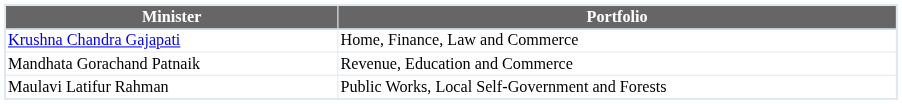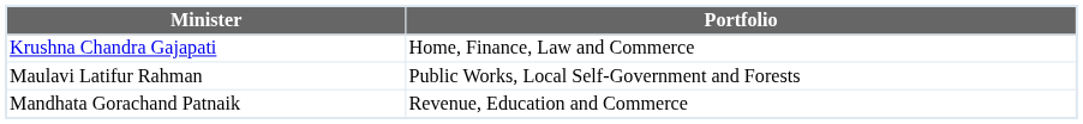 <table width="70%" cellpadding="2" cellspacing="0" border="1" style="border-collapse: collapse; border: 2px #DEE8F1 solid; font-size: x-big; font-family: verdana">
 <tr>
 <th style="background-color:#666666; color:white">Minister</th>
 <th style="background-color:#666666; color:white">Portfolio</th>
 </tr>
 <tr>
 <td><a href='#'>Krushna Chandra Gajapati</a></td>
 <td>Home, Finance, Law and Commerce</td>
 </tr>
 <tr>
+<td>Maulavi Latifur Rahman</td>
+<td>Public Works, Local Self-Government and Forests</td>
+</tr>
+<tr>
 <td>Mandhata Gorachand Patnaik</td>
 <td>Revenue, Education and Commerce</td>
 </tr>
-<tr>
-<td>Maulavi Latifur Rahman</td>
-<td>Public Works, Local Self-Government and Forests</td>
-</tr>
 </table>
